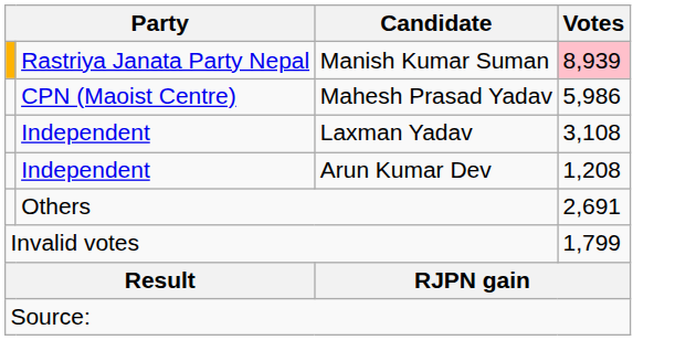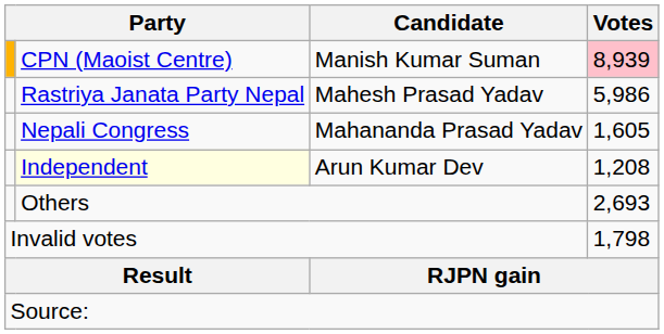 <table class="wikitable">
 <tr>
 <th colspan="2">Party</th>
 <th>Candidate</th>
 <th>Votes</th>
 </tr>
 <tr>
 <td style="background-color:#ffb300"></td>
-<td><a href='#'>Rastriya Janata Party Nepal</a></td>
+<td><a href='#'>CPN (Maoist Centre)</a></td>
 <td>Manish Kumar Suman</td>
 <td style="background: pink;">8,939</td>
 </tr>
 <tr>
 <td style="background-color:"></td>
-<td><a href='#'>CPN (Maoist Centre)</a></td>
+<td><a href='#'>Rastriya Janata Party Nepal</a></td>
 <td>Mahesh Prasad Yadav</td>
 <td>5,986</td>
 </tr>
 <tr>
 <td style="background-color:"></td>
-<td><a href='#'>Independent</a></td>
-<td>Laxman Yadav</td>
-<td>3,108</td>
+<td><a href='#'>Nepali Congress</a></td>
+<td>Mahananda Prasad Yadav</td>
+<td>1,605</td>
 </tr>
 <tr>
 <td style="background-color:"></td>
-<td><a href='#'>Independent</a></td>
+<td style="background: lightyellow;"><a href='#'>Independent</a></td>
 <td>Arun Kumar Dev</td>
 <td>1,208</td>
 </tr>
 <tr>
 <td></td>
 <td colspan="2">Others</td>
-<td>2,691</td>
+<td>2,693</td>
 </tr>
 <tr>
 <td colspan="3">Invalid votes</td>
-<td>1,799</td>
+<td>1,798</td>
 </tr>
 <tr>
 <th colspan="2">Result</th>
 <th colspan="2">RJPN gain</th>
 </tr>
 <tr>
 <td colspan="4">Source: </td>
 </tr>
 </table>
